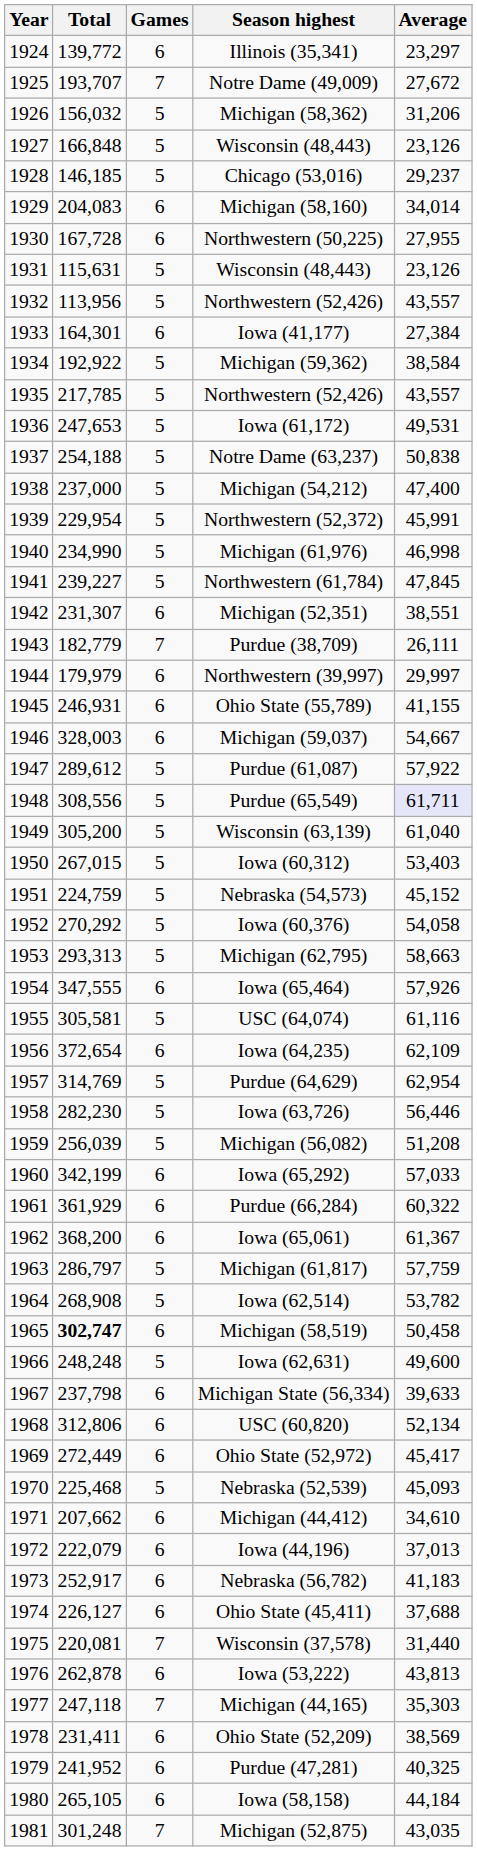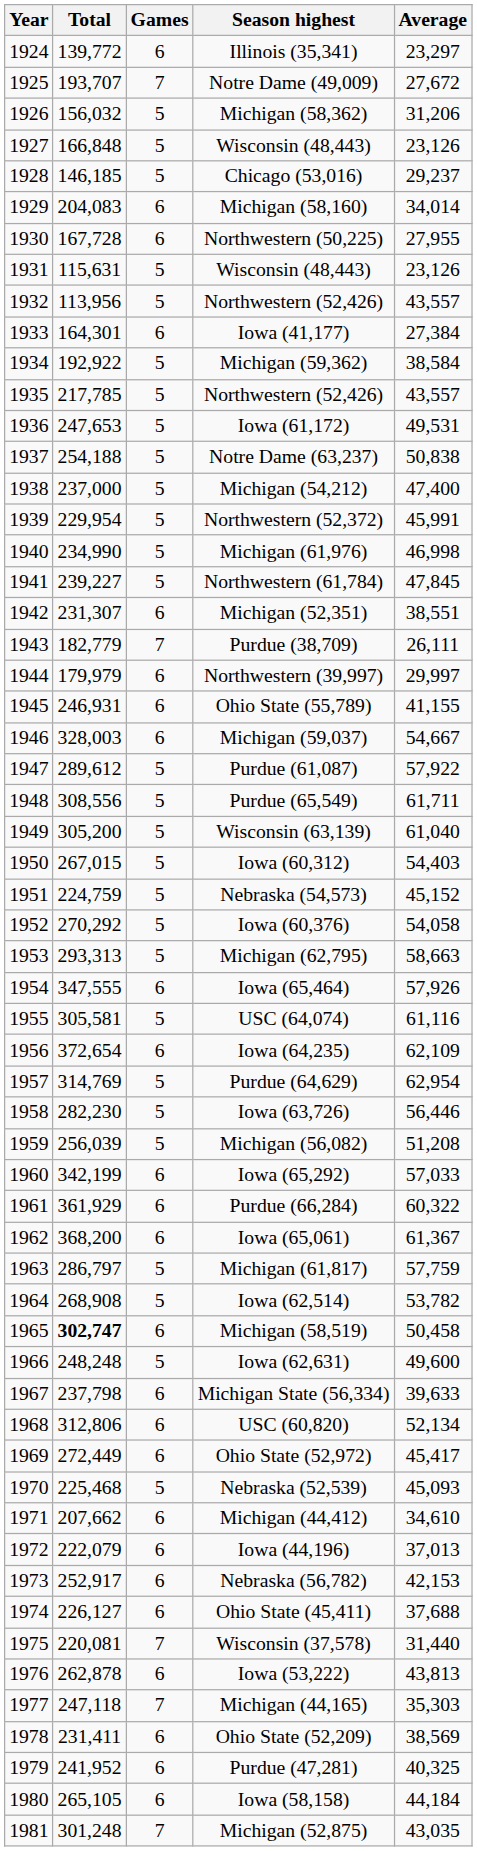 <table class="wikitable" style="text-align:center">
 <tr>
 <th>Year</th>
 <th>Total</th>
 <th>Games</th>
 <th>Season highest</th>
 <th>Average</th>
 </tr>
 <tr>
 <td>1924</td>
 <td>139,772</td>
 <td>6</td>
 <td>Illinois (35,341)</td>
 <td>23,297</td>
 </tr>
 <tr>
 <td>1925</td>
 <td>193,707</td>
 <td>7</td>
 <td>Notre Dame (49,009)</td>
 <td>27,672</td>
 </tr>
 <tr>
 <td>1926</td>
 <td>156,032</td>
 <td>5</td>
 <td>Michigan (58,362)</td>
 <td>31,206</td>
 </tr>
 <tr>
 <td>1927</td>
 <td>166,848</td>
 <td>5</td>
 <td>Wisconsin (48,443)</td>
 <td>23,126</td>
 </tr>
 <tr>
 <td>1928</td>
 <td>146,185</td>
 <td>5</td>
 <td>Chicago (53,016)</td>
 <td>29,237</td>
 </tr>
 <tr>
 <td>1929</td>
 <td>204,083</td>
 <td>6</td>
 <td>Michigan (58,160)</td>
 <td>34,014</td>
 </tr>
 <tr>
 <td>1930</td>
 <td>167,728</td>
 <td>6</td>
 <td>Northwestern (50,225)</td>
 <td>27,955</td>
 </tr>
 <tr>
 <td>1931</td>
 <td>115,631</td>
 <td>5</td>
 <td>Wisconsin (48,443)</td>
 <td>23,126</td>
 </tr>
 <tr>
 <td>1932</td>
 <td>113,956</td>
 <td>5</td>
 <td>Northwestern (52,426)</td>
 <td>43,557</td>
 </tr>
 <tr>
 <td>1933</td>
 <td>164,301</td>
 <td>6</td>
 <td>Iowa (41,177)</td>
 <td>27,384</td>
 </tr>
 <tr>
 <td>1934</td>
 <td>192,922</td>
 <td>5</td>
 <td>Michigan (59,362)</td>
 <td>38,584</td>
 </tr>
 <tr>
 <td>1935</td>
 <td>217,785</td>
 <td>5</td>
 <td>Northwestern (52,426)</td>
 <td>43,557</td>
 </tr>
 <tr>
 <td>1936</td>
 <td>247,653</td>
 <td>5</td>
 <td>Iowa (61,172)</td>
 <td>49,531</td>
 </tr>
 <tr>
 <td>1937</td>
 <td>254,188</td>
 <td>5</td>
 <td>Notre Dame (63,237)</td>
 <td>50,838</td>
 </tr>
 <tr>
 <td>1938</td>
 <td>237,000</td>
 <td>5</td>
 <td>Michigan (54,212)</td>
 <td>47,400</td>
 </tr>
 <tr>
 <td>1939</td>
 <td>229,954</td>
 <td>5</td>
 <td>Northwestern (52,372)</td>
 <td>45,991</td>
 </tr>
 <tr>
 <td>1940</td>
 <td>234,990</td>
 <td>5</td>
 <td>Michigan (61,976)</td>
 <td>46,998</td>
 </tr>
 <tr>
 <td>1941</td>
 <td>239,227</td>
 <td>5</td>
 <td>Northwestern (61,784)</td>
 <td>47,845</td>
 </tr>
 <tr>
 <td>1942</td>
 <td>231,307</td>
 <td>6</td>
 <td>Michigan (52,351)</td>
 <td>38,551</td>
 </tr>
 <tr>
 <td>1943</td>
 <td>182,779</td>
 <td>7</td>
 <td>Purdue (38,709)</td>
 <td>26,111</td>
 </tr>
 <tr>
 <td>1944</td>
 <td>179,979</td>
 <td>6</td>
 <td>Northwestern (39,997)</td>
 <td>29,997</td>
 </tr>
 <tr>
 <td>1945</td>
 <td>246,931</td>
 <td>6</td>
 <td>Ohio State (55,789)</td>
 <td>41,155</td>
 </tr>
 <tr>
 <td>1946</td>
 <td>328,003</td>
 <td>6</td>
 <td>Michigan (59,037)</td>
 <td>54,667</td>
 </tr>
 <tr>
 <td>1947</td>
 <td>289,612</td>
 <td>5</td>
 <td>Purdue (61,087)</td>
 <td>57,922</td>
 </tr>
 <tr>
 <td>1948</td>
 <td>308,556</td>
 <td>5</td>
 <td>Purdue (65,549)</td>
-<td style="background: lavender;">61,711</td>
+<td>61,711</td>
 </tr>
 <tr>
 <td>1949</td>
 <td>305,200</td>
 <td>5</td>
 <td>Wisconsin (63,139)</td>
 <td>61,040</td>
 </tr>
 <tr>
 <td>1950</td>
 <td>267,015</td>
 <td>5</td>
 <td>Iowa (60,312)</td>
-<td>53,403</td>
+<td>54,403</td>
 </tr>
 <tr>
 <td>1951</td>
 <td>224,759</td>
 <td>5</td>
 <td>Nebraska (54,573)</td>
 <td>45,152</td>
 </tr>
 <tr>
 <td>1952</td>
 <td>270,292</td>
 <td>5</td>
 <td>Iowa (60,376)</td>
 <td>54,058</td>
 </tr>
 <tr>
 <td>1953</td>
 <td>293,313</td>
 <td>5</td>
 <td>Michigan (62,795)</td>
 <td>58,663</td>
 </tr>
 <tr>
 <td>1954</td>
 <td>347,555</td>
 <td>6</td>
 <td>Iowa (65,464)</td>
 <td>57,926</td>
 </tr>
 <tr>
 <td>1955</td>
 <td>305,581</td>
 <td>5</td>
 <td>USC (64,074)</td>
 <td>61,116</td>
 </tr>
 <tr>
 <td>1956</td>
 <td>372,654</td>
 <td>6</td>
 <td>Iowa (64,235)</td>
 <td>62,109</td>
 </tr>
 <tr>
 <td>1957</td>
 <td>314,769</td>
 <td>5</td>
 <td>Purdue (64,629)</td>
 <td>62,954</td>
 </tr>
 <tr>
 <td>1958</td>
 <td>282,230</td>
 <td>5</td>
 <td>Iowa (63,726)</td>
 <td>56,446</td>
 </tr>
 <tr>
 <td>1959</td>
 <td>256,039</td>
 <td>5</td>
 <td>Michigan (56,082)</td>
 <td>51,208</td>
 </tr>
 <tr>
 <td>1960</td>
 <td>342,199</td>
 <td>6</td>
 <td>Iowa (65,292)</td>
 <td>57,033</td>
 </tr>
 <tr>
 <td>1961</td>
 <td>361,929</td>
 <td>6</td>
 <td>Purdue (66,284)</td>
 <td>60,322</td>
 </tr>
 <tr>
 <td>1962</td>
 <td>368,200</td>
 <td>6</td>
 <td>Iowa (65,061)</td>
 <td>61,367</td>
 </tr>
 <tr>
 <td>1963</td>
 <td>286,797</td>
 <td>5</td>
 <td>Michigan (61,817)</td>
 <td>57,759</td>
 </tr>
 <tr>
 <td>1964</td>
 <td>268,908</td>
 <td>5</td>
 <td>Iowa (62,514)</td>
 <td>53,782</td>
 </tr>
 <tr>
 <td>1965</td>
 <td><strong>302,747</strong></td>
 <td>6</td>
 <td>Michigan (58,519)</td>
 <td>50,458</td>
 </tr>
 <tr>
 <td>1966</td>
 <td>248,248</td>
 <td>5</td>
 <td>Iowa (62,631)</td>
 <td>49,600</td>
 </tr>
 <tr>
 <td>1967</td>
 <td>237,798</td>
 <td>6</td>
 <td>Michigan State (56,334)</td>
 <td>39,633</td>
 </tr>
 <tr>
 <td>1968</td>
 <td>312,806</td>
 <td>6</td>
 <td>USC (60,820)</td>
 <td>52,134</td>
 </tr>
 <tr>
 <td>1969</td>
 <td>272,449</td>
 <td>6</td>
 <td>Ohio State (52,972)</td>
 <td>45,417</td>
 </tr>
 <tr>
 <td>1970</td>
 <td>225,468</td>
 <td>5</td>
 <td>Nebraska (52,539)</td>
 <td>45,093</td>
 </tr>
 <tr>
 <td>1971</td>
 <td>207,662</td>
 <td>6</td>
 <td>Michigan (44,412)</td>
 <td>34,610</td>
 </tr>
 <tr>
 <td>1972</td>
 <td>222,079</td>
 <td>6</td>
 <td>Iowa (44,196)</td>
 <td>37,013</td>
 </tr>
 <tr>
 <td>1973</td>
 <td>252,917</td>
 <td>6</td>
 <td>Nebraska (56,782)</td>
-<td>41,183</td>
+<td>42,153</td>
 </tr>
 <tr>
 <td>1974</td>
 <td>226,127</td>
 <td>6</td>
 <td>Ohio State (45,411)</td>
 <td>37,688</td>
 </tr>
 <tr>
 <td>1975</td>
 <td>220,081</td>
 <td>7</td>
 <td>Wisconsin (37,578)</td>
 <td>31,440</td>
 </tr>
 <tr>
 <td>1976</td>
 <td>262,878</td>
 <td>6</td>
 <td>Iowa (53,222)</td>
 <td>43,813</td>
 </tr>
 <tr>
 <td>1977</td>
 <td>247,118</td>
 <td>7</td>
 <td>Michigan (44,165)</td>
 <td>35,303</td>
 </tr>
 <tr>
 <td>1978</td>
 <td>231,411</td>
 <td>6</td>
 <td>Ohio State (52,209)</td>
 <td>38,569</td>
 </tr>
 <tr>
 <td>1979</td>
 <td>241,952</td>
 <td>6</td>
 <td>Purdue (47,281)</td>
 <td>40,325</td>
 </tr>
 <tr>
 <td>1980</td>
 <td>265,105</td>
 <td>6</td>
 <td>Iowa (58,158)</td>
 <td>44,184</td>
 </tr>
 <tr>
 <td>1981</td>
 <td>301,248</td>
 <td>7</td>
 <td>Michigan (52,875)</td>
 <td>43,035</td>
 </tr>
 </table>
